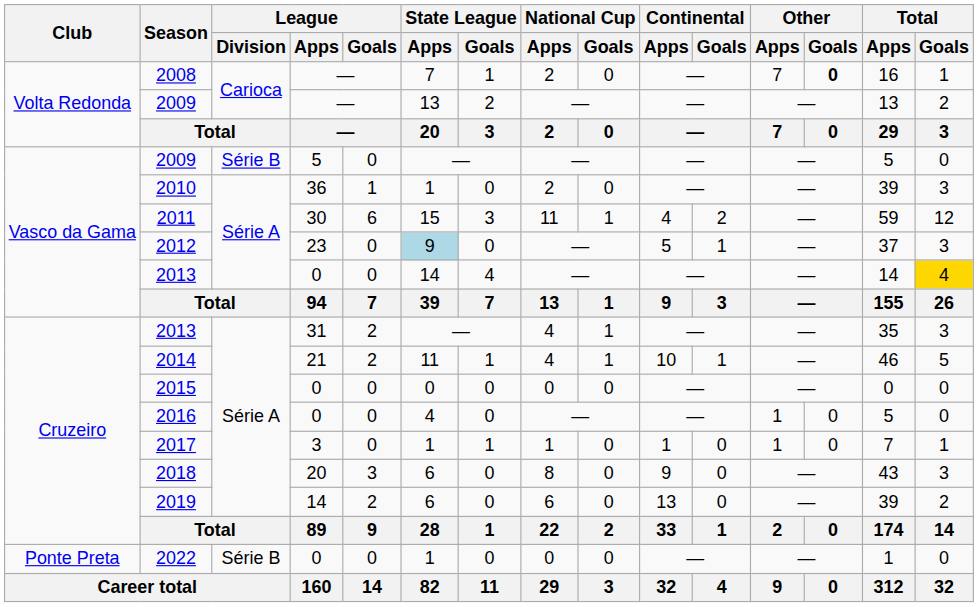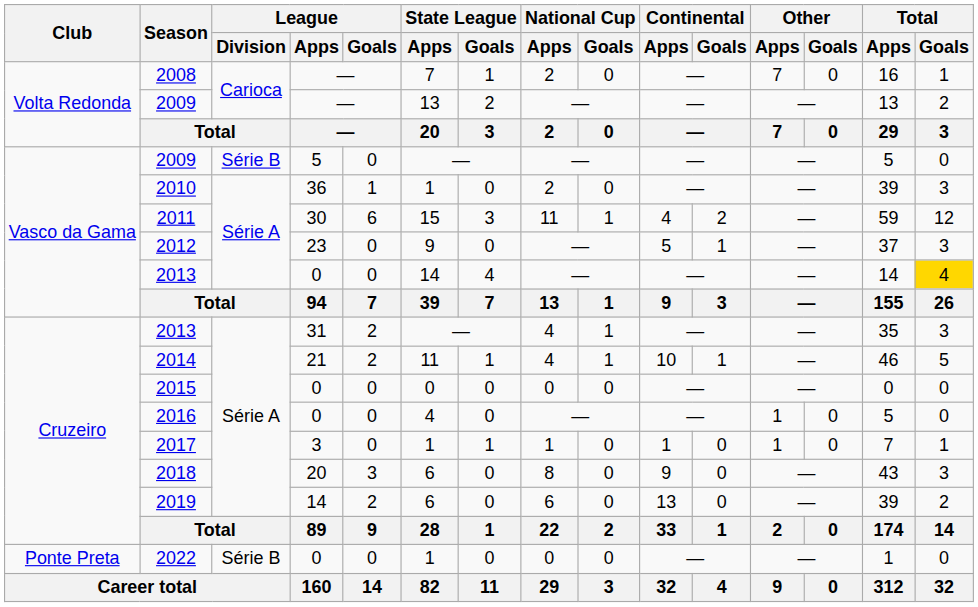 <table class="wikitable" style="text-align: center;">
 <tr>
 <th rowspan="2">Club</th>
 <th rowspan="2">Season</th>
 <th colspan="3">League</th>
 <th colspan="2">State League</th>
 <th colspan="2">National Cup</th>
 <th colspan="2">Continental</th>
 <th colspan="2">Other</th>
 <th colspan="2">Total</th>
 </tr>
 <tr>
 <th>Division</th>
 <th>Apps</th>
 <th>Goals</th>
 <th>Apps</th>
 <th>Goals</th>
 <th>Apps</th>
 <th>Goals</th>
 <th>Apps</th>
 <th>Goals</th>
 <th>Apps</th>
 <th>Goals</th>
 <th>Apps</th>
 <th>Goals</th>
 </tr>
 <tr>
 <td rowspan="3"><a href='#'>Volta Redonda</a></td>
 <td><a href='#'>2008</a></td>
 <td rowspan="2"><a href='#'>Carioca</a></td>
 <td colspan="2">—</td>
 <td>7</td>
 <td>1</td>
 <td>2</td>
 <td>0</td>
 <td colspan="2">—</td>
 <td>7</td>
-<td><strong>0</strong></td>
+<td>0</td>
 <td>16</td>
 <td>1</td>
 </tr>
 <tr>
 <td><a href='#'>2009</a></td>
 <td colspan="2">—</td>
 <td>13</td>
 <td>2</td>
 <td colspan="2">—</td>
 <td colspan="2">—</td>
 <td colspan="2">—</td>
 <td>13</td>
 <td>2</td>
 </tr>
 <tr>
 <th colspan="2">Total</th>
 <th colspan="2">—</th>
 <th>20</th>
 <th>3</th>
 <th>2</th>
 <th>0</th>
 <th colspan="2">—</th>
 <th>7</th>
 <th>0</th>
 <th>29</th>
 <th>3</th>
 </tr>
 <tr>
 <td rowspan="6"><a href='#'>Vasco da Gama</a></td>
 <td><a href='#'>2009</a></td>
 <td><a href='#'>Série B</a></td>
 <td>5</td>
 <td>0</td>
 <td colspan="2">—</td>
 <td colspan="2">—</td>
 <td colspan="2">—</td>
 <td colspan="2">—</td>
 <td>5</td>
 <td>0</td>
 </tr>
 <tr>
 <td><a href='#'>2010</a></td>
 <td rowspan="4"><a href='#'>Série A</a></td>
 <td>36</td>
 <td>1</td>
 <td>1</td>
 <td>0</td>
 <td>2</td>
 <td>0</td>
 <td colspan="2">—</td>
 <td colspan="2">—</td>
 <td>39</td>
 <td>3</td>
 </tr>
 <tr>
 <td><a href='#'>2011</a></td>
 <td>30</td>
 <td>6</td>
 <td>15</td>
 <td>3</td>
 <td>11</td>
 <td>1</td>
 <td>4</td>
 <td>2</td>
 <td colspan="2">—</td>
 <td>59</td>
 <td>12</td>
 </tr>
 <tr>
 <td><a href='#'>2012</a></td>
 <td>23</td>
 <td>0</td>
-<td style="background: lightblue;">9</td>
+<td>9</td>
 <td>0</td>
 <td colspan="2">—</td>
 <td>5</td>
 <td>1</td>
 <td colspan="2">—</td>
 <td>37</td>
 <td>3</td>
 </tr>
 <tr>
 <td><a href='#'>2013</a></td>
 <td>0</td>
 <td>0</td>
 <td>14</td>
 <td>4</td>
 <td colspan="2">—</td>
 <td colspan="2">—</td>
 <td colspan="2">—</td>
 <td>14</td>
 <td style="background: gold;">4</td>
 </tr>
 <tr>
 <th colspan="2">Total</th>
 <th>94</th>
 <th>7</th>
 <th>39</th>
 <th>7</th>
 <th>13</th>
 <th>1</th>
 <th>9</th>
 <th>3</th>
 <th colspan="2">—</th>
 <th>155</th>
 <th>26</th>
 </tr>
 <tr>
 <td rowspan="8"><a href='#'>Cruzeiro</a></td>
 <td><a href='#'>2013</a></td>
 <td rowspan="7">Série A</td>
 <td>31</td>
 <td>2</td>
 <td colspan="2">—</td>
 <td>4</td>
 <td>1</td>
 <td colspan="2">—</td>
 <td colspan="2">—</td>
 <td>35</td>
 <td>3</td>
 </tr>
 <tr>
 <td><a href='#'>2014</a></td>
 <td>21</td>
 <td>2</td>
 <td>11</td>
 <td>1</td>
 <td>4</td>
 <td>1</td>
 <td>10</td>
 <td>1</td>
 <td colspan="2">—</td>
 <td>46</td>
 <td>5</td>
 </tr>
 <tr>
 <td><a href='#'>2015</a></td>
 <td>0</td>
 <td>0</td>
 <td>0</td>
 <td>0</td>
 <td>0</td>
 <td>0</td>
 <td colspan="2">—</td>
 <td colspan="2">—</td>
 <td>0</td>
 <td>0</td>
 </tr>
 <tr>
 <td><a href='#'>2016</a></td>
 <td>0</td>
 <td>0</td>
 <td>4</td>
 <td>0</td>
 <td colspan="2">—</td>
 <td colspan="2">—</td>
 <td>1</td>
 <td>0</td>
 <td>5</td>
 <td>0</td>
 </tr>
 <tr>
 <td><a href='#'>2017</a></td>
 <td>3</td>
 <td>0</td>
 <td>1</td>
 <td>1</td>
 <td>1</td>
 <td>0</td>
 <td>1</td>
 <td>0</td>
 <td>1</td>
 <td>0</td>
 <td>7</td>
 <td>1</td>
 </tr>
 <tr>
 <td><a href='#'>2018</a></td>
 <td>20</td>
 <td>3</td>
 <td>6</td>
 <td>0</td>
 <td>8</td>
 <td>0</td>
 <td>9</td>
 <td>0</td>
 <td colspan="2">—</td>
 <td>43</td>
 <td>3</td>
 </tr>
 <tr>
 <td><a href='#'>2019</a></td>
 <td>14</td>
 <td>2</td>
 <td>6</td>
 <td>0</td>
 <td>6</td>
 <td>0</td>
 <td>13</td>
 <td>0</td>
 <td colspan="2">—</td>
 <td>39</td>
 <td>2</td>
 </tr>
 <tr>
 <th colspan="2">Total</th>
 <th>89</th>
 <th>9</th>
 <th>28</th>
 <th>1</th>
 <th>22</th>
 <th>2</th>
 <th>33</th>
 <th>1</th>
 <th>2</th>
 <th>0</th>
 <th>174</th>
 <th>14</th>
 </tr>
 <tr>
 <td><a href='#'>Ponte Preta</a></td>
 <td><a href='#'>2022</a></td>
 <td>Série B</td>
 <td>0</td>
 <td>0</td>
 <td>1</td>
 <td>0</td>
 <td>0</td>
 <td>0</td>
 <td colspan="2">—</td>
 <td colspan="2">—</td>
 <td>1</td>
 <td>0</td>
 </tr>
 <tr>
 <th colspan="3">Career total</th>
 <th>160</th>
 <th>14</th>
 <th>82</th>
 <th>11</th>
 <th>29</th>
 <th>3</th>
 <th>32</th>
 <th>4</th>
 <th>9</th>
 <th>0</th>
 <th>312</th>
 <th>32</th>
 </tr>
 </table>
